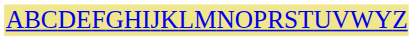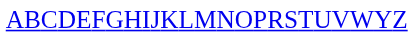 <table id="toc" class="toc" summary="Class">
 <tr>
 <th></th>
 </tr>
 <tr>
-<td style="background: khaki; text-align:center;"><a href='#'>A</a><a href='#'>B</a><a href='#'>C</a><a href='#'>D</a><a href='#'>E</a><a href='#'>F</a><a href='#'>G</a><a href='#'>H</a><a href='#'>I</a><a href='#'>J</a><a href='#'>K</a><a href='#'>L</a><a href='#'>M</a><a href='#'>N</a><a href='#'>O</a><a href='#'>P</a><a href='#'>R</a><a href='#'>S</a><a href='#'>T</a><a href='#'>U</a><a href='#'>V</a><a href='#'>W</a><a href='#'>Y</a><a href='#'>Z</a></td>
+<td style="text-align:center;"><a href='#'>A</a><a href='#'>B</a><a href='#'>C</a><a href='#'>D</a><a href='#'>E</a><a href='#'>F</a><a href='#'>G</a><a href='#'>H</a><a href='#'>I</a><a href='#'>J</a><a href='#'>K</a><a href='#'>L</a><a href='#'>M</a><a href='#'>N</a><a href='#'>O</a><a href='#'>P</a><a href='#'>R</a><a href='#'>S</a><a href='#'>T</a><a href='#'>U</a><a href='#'>V</a><a href='#'>W</a><a href='#'>Y</a><a href='#'>Z</a></td>
 </tr>
 </table>
